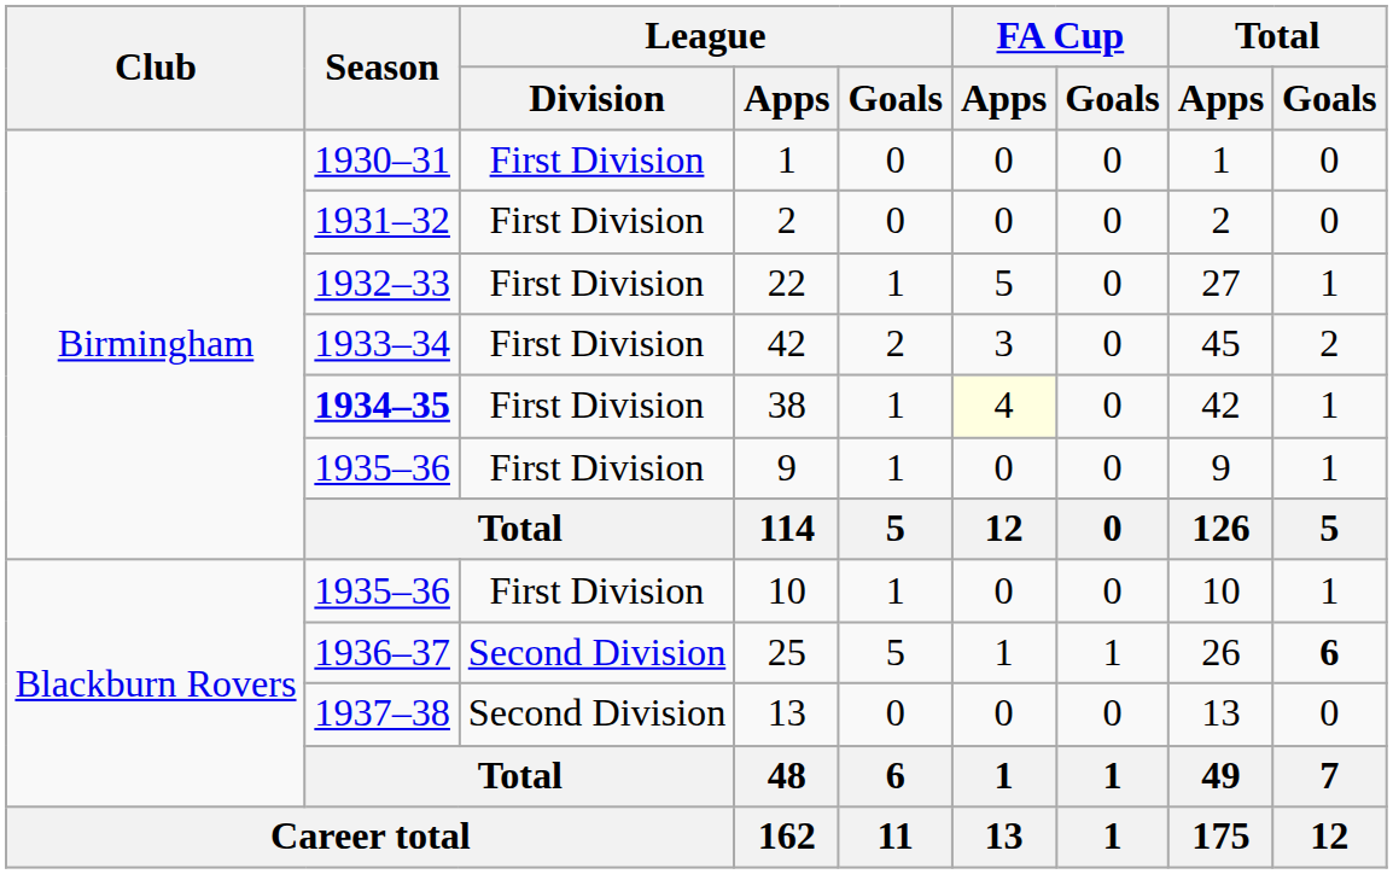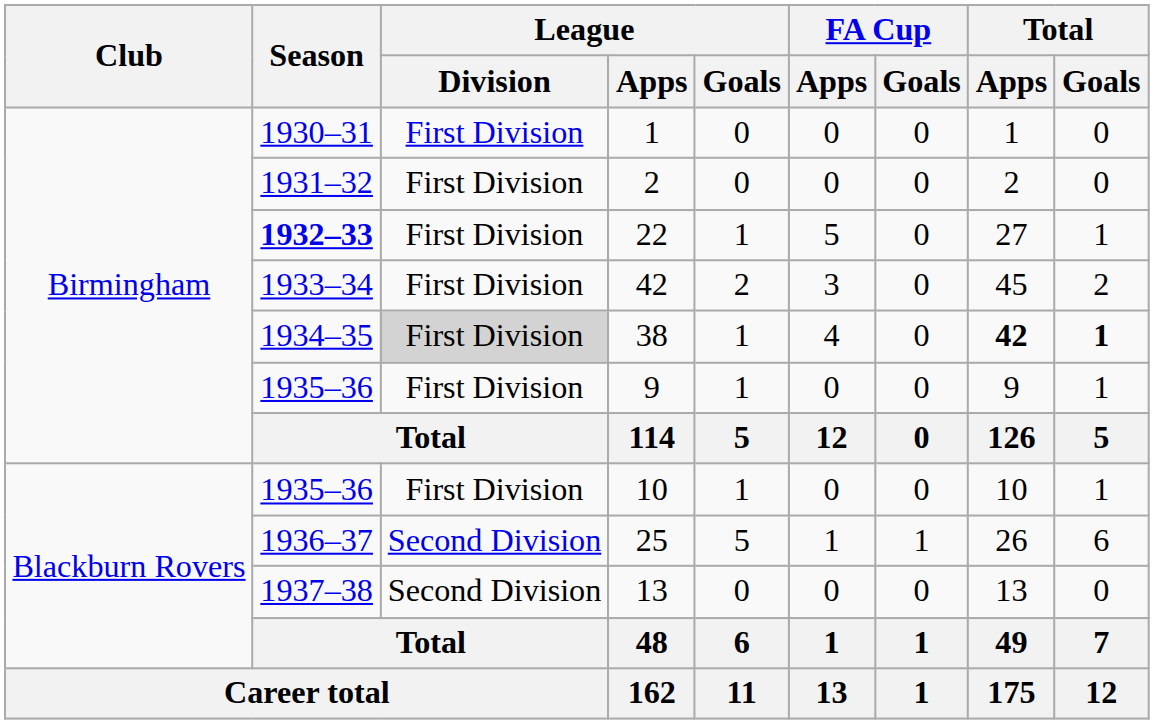 <table class="wikitable" style="text-align: center;">
 <tr>
 <th rowspan="2" scope="col">Club</th>
 <th rowspan="2" scope="col">Season</th>
 <th colspan="3" scope="col">League</th>
 <th colspan="2" scope="col"><a href='#'>FA Cup</a></th>
 <th colspan="2" scope="col">Total</th>
 </tr>
 <tr>
 <th scope="col">Division</th>
 <th scope="col">Apps</th>
 <th scope="col">Goals</th>
 <th scope="col">Apps</th>
 <th scope="col">Goals</th>
 <th scope="col">Apps</th>
 <th scope="col">Goals</th>
 </tr>
 <tr>
 <td rowspan="7"><a href='#'>Birmingham</a></td>
 <td><a href='#'>1930–31</a></td>
 <td><a href='#'>First Division</a></td>
 <td>1</td>
 <td>0</td>
 <td>0</td>
 <td>0</td>
 <td>1</td>
 <td>0</td>
 </tr>
 <tr>
 <td><a href='#'>1931–32</a></td>
 <td>First Division</td>
 <td>2</td>
 <td>0</td>
 <td>0</td>
 <td>0</td>
 <td>2</td>
 <td>0</td>
 </tr>
 <tr>
-<td><a href='#'>1932–33</a></td>
+<td><strong><a href='#'>1932–33</a></strong></td>
 <td>First Division</td>
 <td>22</td>
 <td>1</td>
 <td>5</td>
 <td>0</td>
 <td>27</td>
 <td>1</td>
 </tr>
 <tr>
 <td><a href='#'>1933–34</a></td>
 <td>First Division</td>
 <td>42</td>
 <td>2</td>
 <td>3</td>
 <td>0</td>
 <td>45</td>
 <td>2</td>
 </tr>
 <tr>
-<td><strong><a href='#'>1934–35</a></strong></td>
-<td>First Division</td>
+<td><a href='#'>1934–35</a></td>
+<td style="background: lightgrey;">First Division</td>
 <td>38</td>
 <td>1</td>
-<td style="background: lightyellow;">4</td>
+<td>4</td>
 <td>0</td>
-<td>42</td>
-<td>1</td>
+<td><strong>42</strong></td>
+<td><strong>1</strong></td>
 </tr>
 <tr>
 <td><a href='#'>1935–36</a></td>
 <td>First Division</td>
 <td>9</td>
 <td>1</td>
 <td>0</td>
 <td>0</td>
 <td>9</td>
 <td>1</td>
 </tr>
 <tr>
 <th colspan="2">Total</th>
 <th>114</th>
 <th>5</th>
 <th>12</th>
 <th>0</th>
 <th>126</th>
 <th>5</th>
 </tr>
 <tr>
 <td rowspan="4"><a href='#'>Blackburn Rovers</a></td>
 <td><a href='#'>1935–36</a></td>
 <td>First Division</td>
 <td>10</td>
 <td>1</td>
 <td>0</td>
 <td>0</td>
 <td>10</td>
 <td>1</td>
 </tr>
 <tr>
 <td><a href='#'>1936–37</a></td>
 <td><a href='#'>Second Division</a></td>
 <td>25</td>
 <td>5</td>
 <td>1</td>
 <td>1</td>
 <td>26</td>
-<td><strong>6</strong></td>
+<td>6</td>
 </tr>
 <tr>
 <td><a href='#'>1937–38</a></td>
 <td>Second Division</td>
 <td>13</td>
 <td>0</td>
 <td>0</td>
 <td>0</td>
 <td>13</td>
 <td>0</td>
 </tr>
 <tr>
 <th colspan="2">Total</th>
 <th>48</th>
 <th>6</th>
 <th>1</th>
 <th>1</th>
 <th>49</th>
 <th>7</th>
 </tr>
 <tr>
 <th colspan="3">Career total</th>
 <th>162</th>
 <th>11</th>
 <th>13</th>
 <th>1</th>
 <th>175</th>
 <th>12</th>
 </tr>
 </table>
